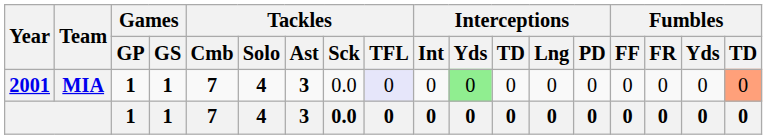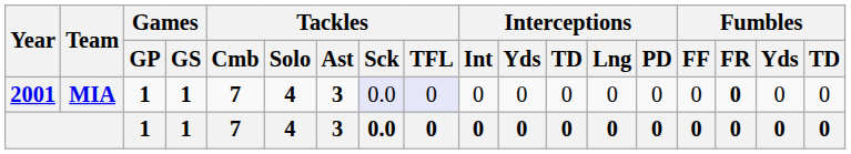 <table class="wikitable" style="text-align:center">
 <tr>
 <th rowspan="2">Year</th>
 <th rowspan="2">Team</th>
 <th colspan="2">Games</th>
 <th colspan="5">Tackles</th>
 <th colspan="5">Interceptions</th>
 <th colspan="4">Fumbles</th>
 </tr>
 <tr>
 <th>GP</th>
 <th>GS</th>
 <th>Cmb</th>
 <th>Solo</th>
 <th>Ast</th>
 <th>Sck</th>
 <th>TFL</th>
 <th>Int</th>
 <th>Yds</th>
 <th>TD</th>
 <th>Lng</th>
 <th>PD</th>
 <th>FF</th>
 <th>FR</th>
 <th>Yds</th>
 <th>TD</th>
 </tr>
 <tr>
 <th><a href='#'>2001</a></th>
 <th><a href='#'>MIA</a></th>
 <td><strong>1</strong></td>
 <td><strong>1</strong></td>
 <td><strong>7</strong></td>
 <td><strong>4</strong></td>
 <td><strong>3</strong></td>
-<td>0.0</td>
+<td style="background: lavender;">0.0</td>
 <td style="background: lavender;">0</td>
-<td>0</td>
-<td style="background: lightgreen;">0</td>
 <td>0</td>
 <td>0</td>
 <td>0</td>
 <td>0</td>
 <td>0</td>
 <td>0</td>
-<td style="background: lightsalmon;">0</td>
+<td><strong>0</strong></td>
+<td>0</td>
+<td>0</td>
 </tr>
 <tr>
 <th colspan="2"></th>
 <th>1</th>
 <th>1</th>
 <th>7</th>
 <th>4</th>
 <th>3</th>
 <th>0.0</th>
 <th>0</th>
 <th>0</th>
 <th>0</th>
 <th>0</th>
 <th>0</th>
 <th>0</th>
 <th>0</th>
 <th>0</th>
 <th>0</th>
 <th>0</th>
 </tr>
 </table>
